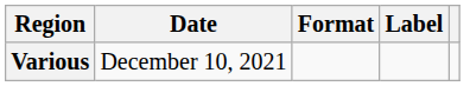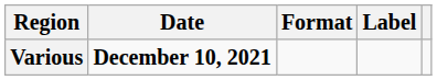 <table class="wikitable plainrowheaders">
 <tr>
 <th scope="col">Region</th>
 <th scope="col">Date</th>
 <th scope="col">Format</th>
 <th scope="col">Label</th>
 <th scope="col"></th>
 </tr>
 <tr>
 <th scope="row">Various</th>
-<td>December 10, 2021</td>
+<td><strong>December 10, 2021</strong></td>
 <td></td>
 <td rowspan="2"></td>
 <td align="center"></td>
 </tr>
 </table>
